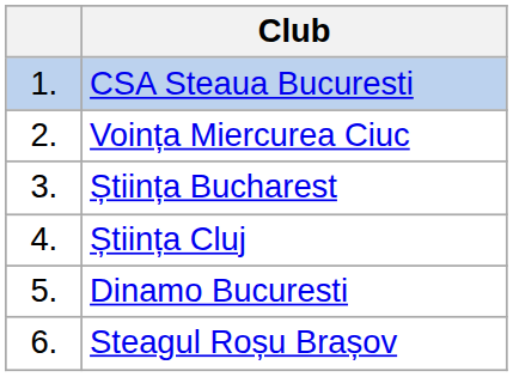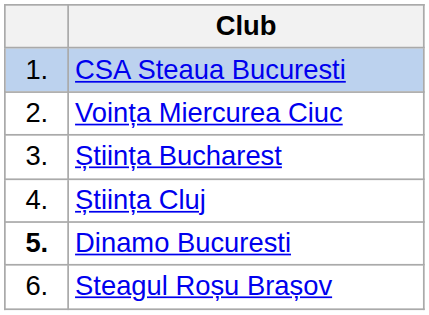 <table class="wikitable">
 <tr>
 <th width="30"></th>
 <th width="200">Club</th>
 </tr>
 <tr bgcolor="#BCD2EE" align="center">
 <td>1.</td>
 <td align="left"><a href='#'>CSA Steaua Bucuresti</a></td>
 </tr>
 <tr bgcolor="#FFFFFF" align="center">
 <td>2.</td>
 <td align="left"><a href='#'>Voința Miercurea Ciuc</a></td>
 </tr>
 <tr bgcolor="#FFFFFF" align="center">
 <td>3.</td>
 <td align="left"><a href='#'>Știința Bucharest</a></td>
 </tr>
 <tr bgcolor="#FFFFFF" align="center">
 <td>4.</td>
 <td align="left"><a href='#'>Știința Cluj</a></td>
 </tr>
 <tr bgcolor="#FFFFFF" align="center">
-<td>5.</td>
+<td><strong>5.</strong></td>
 <td align="left"><a href='#'>Dinamo Bucuresti</a></td>
 </tr>
 <tr bgcolor="#FFFFFF" align="center">
 <td>6.</td>
 <td align="left"><a href='#'>Steagul Roșu Brașov</a></td>
 </tr>
 </table>
